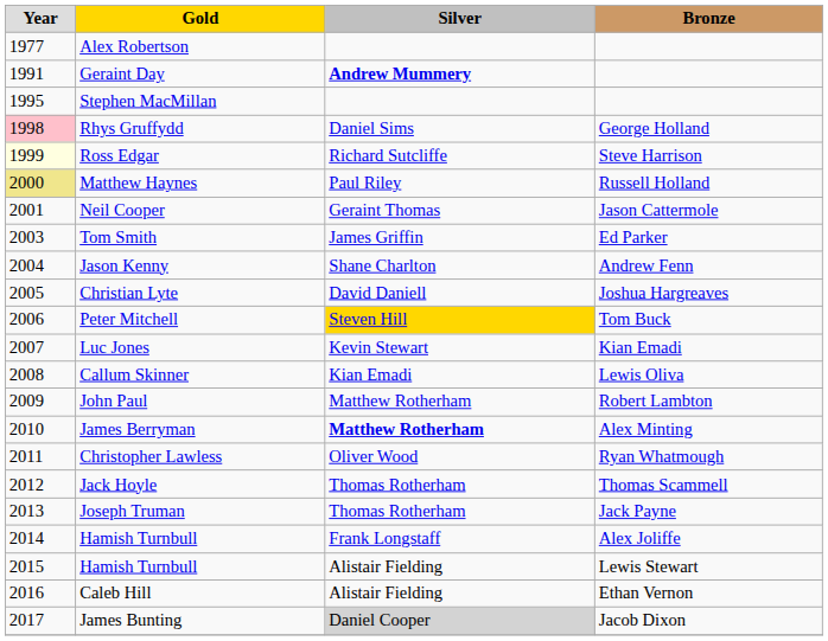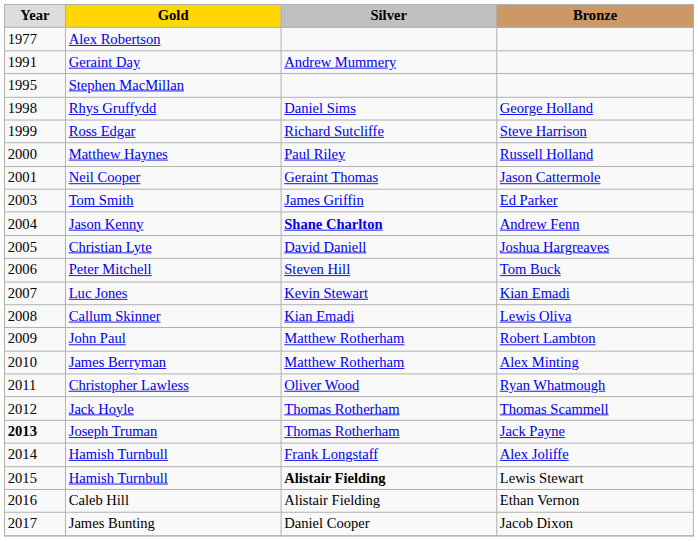 <table class="wikitable" style="width: 60%; text-align:left;">
 <tr style="text-align:center; font-weight:bold;">
 <td style="background:#ddd; ">Year</td>
 <td style="background:gold; ">Gold</td>
 <td style="background:silver; ">Silver</td>
 <td style="background:#c96; ">Bronze</td>
 </tr>
 <tr>
 <td>1977</td>
 <td><a href='#'>Alex Robertson</a></td>
 <td></td>
 <td></td>
 </tr>
 <tr>
 <td>1991</td>
 <td><a href='#'>Geraint Day</a></td>
-<td><strong><a href='#'>Andrew Mummery</a></strong></td>
+<td><a href='#'>Andrew Mummery</a></td>
 <td></td>
 </tr>
 <tr>
 <td>1995</td>
 <td><a href='#'>Stephen MacMillan</a></td>
 <td></td>
 <td></td>
 </tr>
 <tr>
-<td style="background: pink;">1998</td>
+<td>1998</td>
 <td><a href='#'>Rhys Gruffydd</a></td>
 <td><a href='#'>Daniel Sims</a></td>
 <td><a href='#'>George Holland</a></td>
 </tr>
 <tr>
-<td style="background: lightyellow;">1999</td>
+<td>1999</td>
 <td><a href='#'>Ross Edgar</a></td>
 <td><a href='#'>Richard Sutcliffe</a></td>
 <td><a href='#'>Steve Harrison</a></td>
 </tr>
 <tr>
-<td style="background: khaki;">2000</td>
+<td>2000</td>
 <td><a href='#'>Matthew Haynes</a></td>
 <td><a href='#'>Paul Riley</a></td>
 <td><a href='#'>Russell Holland</a></td>
 </tr>
 <tr>
 <td>2001</td>
 <td><a href='#'>Neil Cooper</a></td>
 <td><a href='#'>Geraint Thomas</a></td>
 <td><a href='#'>Jason Cattermole</a></td>
 </tr>
 <tr>
 <td>2003</td>
 <td><a href='#'>Tom Smith</a></td>
 <td><a href='#'>James Griffin</a></td>
 <td><a href='#'>Ed Parker</a></td>
 </tr>
 <tr>
 <td>2004</td>
 <td><a href='#'>Jason Kenny</a></td>
-<td><a href='#'>Shane Charlton</a></td>
+<td><strong><a href='#'>Shane Charlton</a></strong></td>
 <td><a href='#'>Andrew Fenn</a></td>
 </tr>
 <tr>
 <td>2005</td>
 <td><a href='#'>Christian Lyte</a></td>
 <td><a href='#'>David Daniell</a></td>
 <td><a href='#'>Joshua Hargreaves</a></td>
 </tr>
 <tr>
 <td>2006</td>
 <td><a href='#'>Peter Mitchell</a></td>
-<td style="background: gold;"><a href='#'>Steven Hill</a></td>
+<td><a href='#'>Steven Hill</a></td>
 <td><a href='#'>Tom Buck</a></td>
 </tr>
 <tr>
 <td>2007</td>
 <td><a href='#'>Luc Jones</a></td>
 <td><a href='#'>Kevin Stewart</a></td>
 <td><a href='#'>Kian Emadi</a></td>
 </tr>
 <tr>
 <td>2008</td>
 <td><a href='#'>Callum Skinner</a></td>
 <td><a href='#'>Kian Emadi</a></td>
 <td><a href='#'>Lewis Oliva</a></td>
 </tr>
 <tr>
 <td>2009</td>
 <td><a href='#'>John Paul</a></td>
 <td><a href='#'>Matthew Rotherham</a></td>
 <td><a href='#'>Robert Lambton</a></td>
 </tr>
 <tr>
 <td>2010</td>
 <td><a href='#'>James Berryman</a></td>
-<td><strong><a href='#'>Matthew Rotherham</a></strong></td>
+<td><a href='#'>Matthew Rotherham</a></td>
 <td><a href='#'>Alex Minting</a></td>
 </tr>
 <tr>
 <td>2011</td>
 <td><a href='#'>Christopher Lawless</a></td>
 <td><a href='#'>Oliver Wood</a></td>
 <td><a href='#'>Ryan Whatmough</a></td>
 </tr>
 <tr>
 <td>2012</td>
 <td><a href='#'>Jack Hoyle</a></td>
 <td><a href='#'>Thomas Rotherham</a></td>
 <td><a href='#'>Thomas Scammell</a></td>
 </tr>
 <tr>
-<td>2013</td>
+<td><strong>2013</strong></td>
 <td><a href='#'>Joseph Truman</a></td>
 <td><a href='#'>Thomas Rotherham</a></td>
 <td><a href='#'>Jack Payne</a></td>
 </tr>
 <tr>
 <td>2014</td>
 <td><a href='#'>Hamish Turnbull</a></td>
 <td><a href='#'>Frank Longstaff</a></td>
 <td><a href='#'>Alex Joliffe</a></td>
 </tr>
 <tr>
 <td>2015</td>
 <td><a href='#'>Hamish Turnbull</a></td>
-<td>Alistair Fielding</td>
+<td><strong>Alistair Fielding</strong></td>
 <td>Lewis Stewart</td>
 </tr>
 <tr>
 <td>2016</td>
 <td>Caleb Hill</td>
 <td>Alistair Fielding</td>
 <td>Ethan Vernon</td>
 </tr>
 <tr>
 <td>2017</td>
 <td>James Bunting</td>
-<td style="background: lightgrey;">Daniel Cooper</td>
+<td>Daniel Cooper</td>
 <td>Jacob Dixon</td>
 </tr>
 <tr>
 </tr>
 </table>
